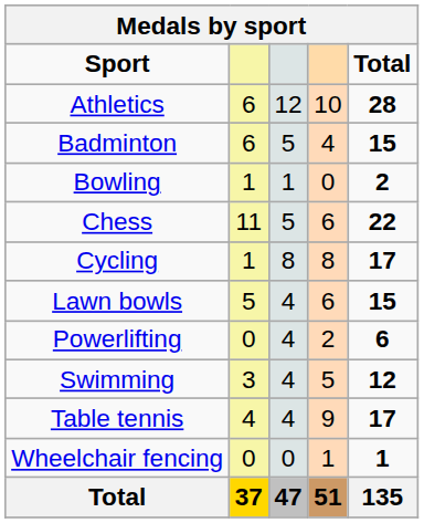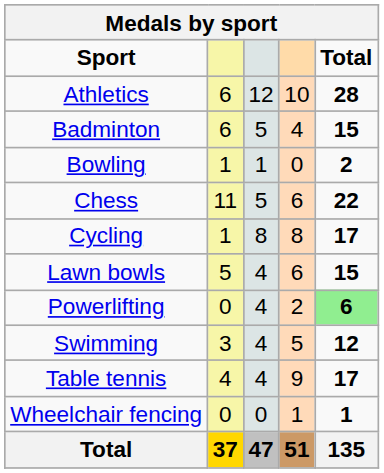 <table class=wikitable style="font-size:85%;text-align:center">
 <tr bgcolor=EFEFEF>
 <th colspan=7>Medals by sport</th>
 </tr>
 <tr>
 <td><strong>Sport</strong></td>
 <td bgcolor=F7F6A8></td>
 <td bgcolor=DCE5E5></td>
 <td bgcolor=FFDBA9></td>
 <td><strong>Total</strong></td>
 </tr>
 <tr>
 <td><a href='#'>Athletics</a></td>
 <td bgcolor=F7F6A8>6</td>
 <td bgcolor=DCE5E5>12</td>
 <td bgcolor=FFDAB9>10</td>
 <td><strong>28</strong></td>
 </tr>
 <tr>
 <td><a href='#'>Badminton</a></td>
 <td bgcolor=F7F6A8>6</td>
 <td bgcolor=DCE5E5>5</td>
 <td bgcolor=FFDAB9>4</td>
 <td><strong>15</strong></td>
 </tr>
 <tr>
 <td><a href='#'>Bowling</a></td>
 <td bgcolor=F7F6A8>1</td>
 <td bgcolor=DCE5E5>1</td>
 <td bgcolor=FFDAB9>0</td>
 <td><strong>2</strong></td>
 </tr>
 <tr>
 <td><a href='#'>Chess</a></td>
 <td bgcolor=F7F6A8>11</td>
 <td bgcolor=DCE5E5>5</td>
 <td bgcolor=FFDAB9>6</td>
 <td><strong>22</strong></td>
 </tr>
 <tr>
 <td><a href='#'>Cycling</a></td>
 <td bgcolor=F7F6A8>1</td>
 <td bgcolor=DCE5E5>8</td>
 <td bgcolor=FFDAB9>8</td>
 <td><strong>17</strong></td>
 </tr>
 <tr>
 <td><a href='#'>Lawn bowls</a></td>
 <td bgcolor=F7F6A8>5</td>
 <td bgcolor=DCE5E5>4</td>
 <td bgcolor=FFDAB9>6</td>
 <td><strong>15</strong></td>
 </tr>
 <tr>
 <td><a href='#'>Powerlifting</a></td>
 <td bgcolor=F7F6A8>0</td>
 <td bgcolor=DCE5E5>4</td>
 <td bgcolor=FFDAB9>2</td>
-<td><strong>6</strong></td>
+<td style="background: lightgreen;"><strong>6</strong></td>
 </tr>
 <tr>
 <td><a href='#'>Swimming</a></td>
 <td bgcolor=F7F6A8>3</td>
 <td bgcolor=DCE5E5>4</td>
 <td bgcolor=FFDAB9>5</td>
 <td><strong>12</strong></td>
 </tr>
 <tr>
 <td><a href='#'>Table tennis</a></td>
 <td bgcolor=F7F6A8>4</td>
 <td bgcolor=DCE5E5>4</td>
 <td bgcolor=FFDAB9>9</td>
 <td><strong>17</strong></td>
 </tr>
 <tr>
 <td><a href='#'>Wheelchair fencing</a></td>
 <td bgcolor=F7F6A8>0</td>
 <td bgcolor=DCE5E5>0</td>
 <td bgcolor=FFDAB9>1</td>
 <td><strong>1</strong></td>
 </tr>
 <tr>
 <th>Total</th>
 <th style="background:gold;">37</th>
 <th style="background:silver;">47</th>
 <th style="background:#c96;">51</th>
 <th>135</th>
 </tr>
 </table>
